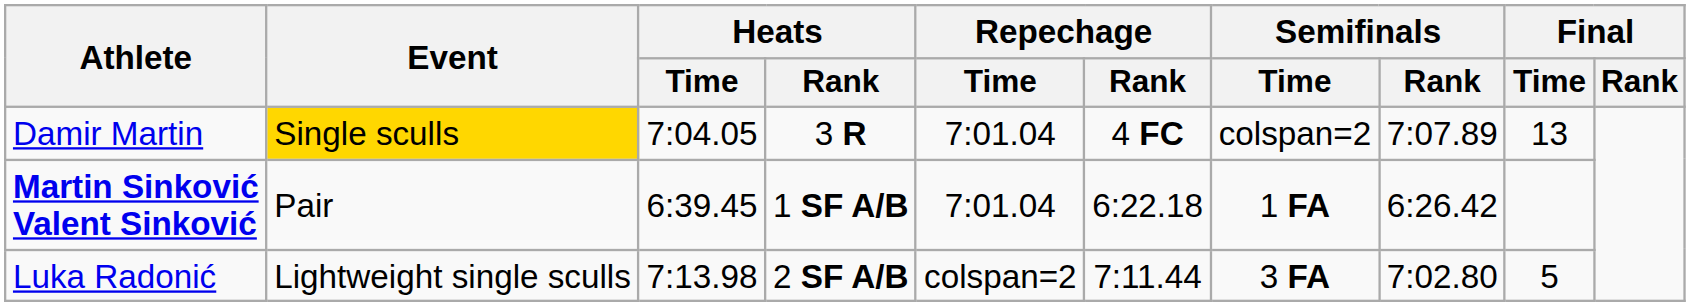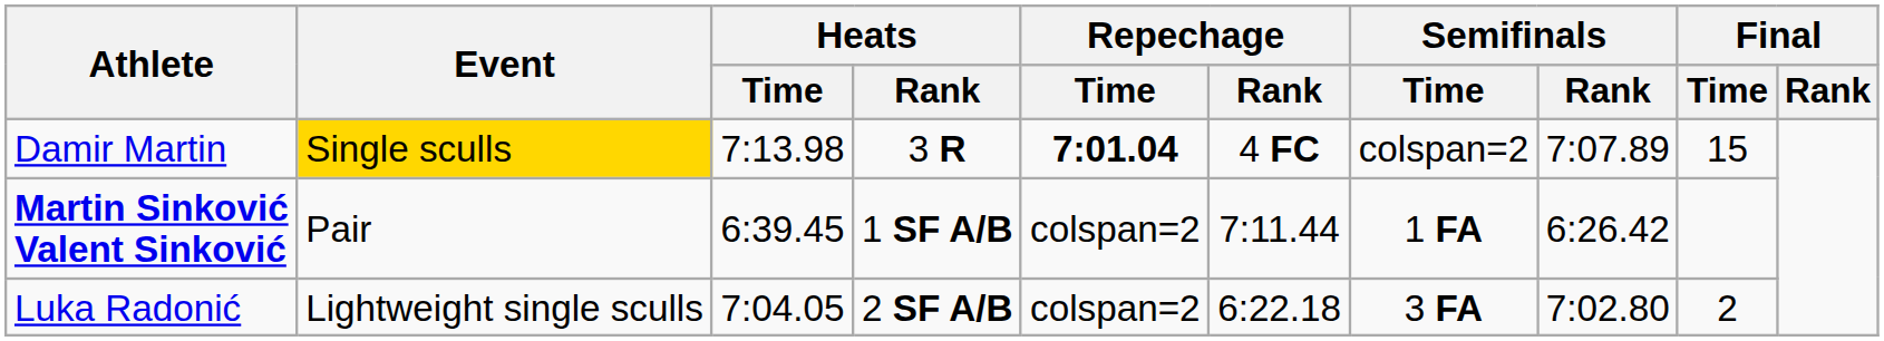 <table class="wikitable" style="font-size:90%">
 <tr>
 <th rowspan="2">Athlete</th>
 <th rowspan="2">Event</th>
 <th colspan="2">Heats</th>
 <th colspan="2">Repechage</th>
 <th colspan="2">Semifinals</th>
 <th colspan="2">Final</th>
 </tr>
 <tr style="font-size:95%">
 <th>Time</th>
 <th>Rank</th>
 <th>Time</th>
 <th>Rank</th>
 <th>Time</th>
 <th>Rank</th>
 <th>Time</th>
 <th>Rank</th>
 </tr>
 <tr align=center>
 <td align=left><a href='#'>Damir Martin</a></td>
 <td align=left style="background: gold;">Single sculls</td>
-<td>7:04.05</td>
+<td>7:13.98</td>
 <td>3 <strong>R</strong></td>
-<td>7:01.04</td>
+<td><strong>7:01.04</strong></td>
 <td>4 <strong>FC</strong></td>
 <td>colspan=2</td>
 <td>7:07.89</td>
-<td>13</td>
+<td>15</td>
 </tr>
 <tr align=center>
 <td align=left><strong><a href='#'>Martin Sinković</a><br><a href='#'>Valent Sinković</a></strong></td>
 <td align=left>Pair</td>
 <td>6:39.45</td>
 <td>1 <strong>SF A/B</strong></td>
-<td>7:01.04</td>
-<td>6:22.18</td>
+<td>colspan=2</td>
+<td>7:11.44</td>
 <td>1 <strong>FA</strong></td>
 <td>6:26.42</td>
 <td></td>
 </tr>
 <tr align=center>
 <td align=left><a href='#'>Luka Radonić</a></td>
 <td align=left>Lightweight single sculls</td>
-<td>7:13.98</td>
+<td>7:04.05</td>
 <td>2 <strong>SF A/B</strong></td>
 <td>colspan=2</td>
-<td>7:11.44</td>
+<td>6:22.18</td>
 <td>3 <strong>FA</strong></td>
 <td>7:02.80</td>
-<td>5</td>
+<td>2</td>
 </tr>
 </table>
